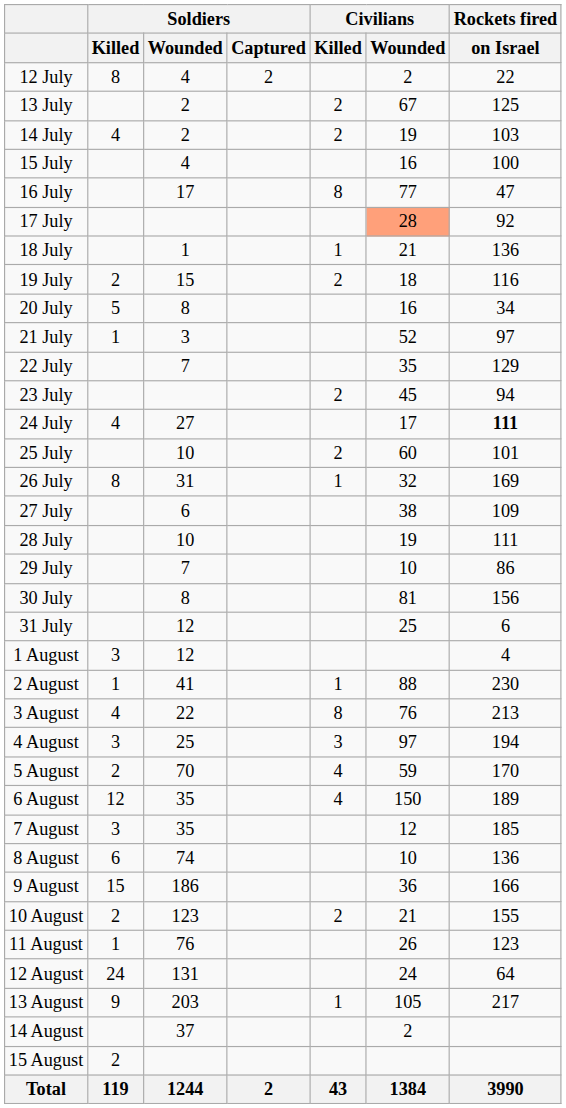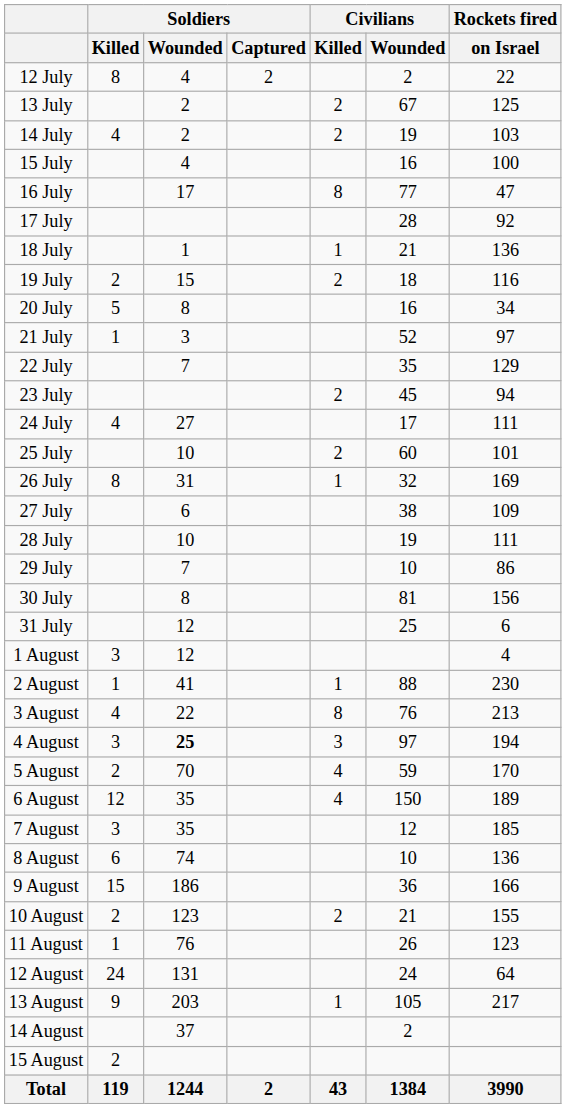 <table class="wikitable" style="text-align:center">
 <tr>
 <th></th>
 <th colspan="3">Soldiers</th>
 <th colspan="2">Civilians</th>
 <th colspan="2">Rockets fired</th>
 </tr>
 <tr>
 <th></th>
 <th>Killed</th>
 <th>Wounded</th>
 <th>Captured</th>
 <th>Killed</th>
 <th>Wounded</th>
 <th>on Israel</th>
 </tr>
 <tr>
 <td>12 July</td>
 <td>8</td>
 <td>4</td>
 <td>2</td>
 <td></td>
 <td>2</td>
 <td>22</td>
 </tr>
 <tr>
 <td>13 July</td>
 <td></td>
 <td>2</td>
 <td></td>
 <td>2</td>
 <td>67</td>
 <td>125</td>
 </tr>
 <tr>
 <td>14 July</td>
 <td>4</td>
 <td>2</td>
 <td></td>
 <td>2</td>
 <td>19</td>
 <td>103</td>
 </tr>
 <tr>
 <td>15 July</td>
 <td></td>
 <td>4</td>
 <td></td>
 <td></td>
 <td>16</td>
 <td>100</td>
 </tr>
 <tr>
 <td>16 July</td>
 <td></td>
 <td>17</td>
 <td></td>
 <td>8</td>
 <td>77</td>
 <td>47</td>
 </tr>
 <tr>
 <td>17 July</td>
 <td></td>
 <td></td>
 <td></td>
 <td></td>
-<td style="background: lightsalmon;">28</td>
+<td>28</td>
 <td>92</td>
 </tr>
 <tr>
 <td>18 July</td>
 <td></td>
 <td>1</td>
 <td></td>
 <td>1</td>
 <td>21</td>
 <td>136</td>
 </tr>
 <tr>
 <td>19 July</td>
 <td>2</td>
 <td>15</td>
 <td></td>
 <td>2</td>
 <td>18</td>
 <td>116</td>
 </tr>
 <tr>
 <td>20 July</td>
 <td>5</td>
 <td>8</td>
 <td></td>
 <td></td>
 <td>16</td>
 <td>34</td>
 </tr>
 <tr>
 <td>21 July</td>
 <td>1</td>
 <td>3</td>
 <td></td>
 <td></td>
 <td>52</td>
 <td>97</td>
 </tr>
 <tr>
 <td>22 July</td>
 <td></td>
 <td>7</td>
 <td></td>
 <td></td>
 <td>35</td>
 <td>129</td>
 </tr>
 <tr>
 <td>23 July</td>
 <td></td>
 <td></td>
 <td></td>
 <td>2</td>
 <td>45</td>
 <td>94</td>
 </tr>
 <tr>
 <td>24 July</td>
 <td>4</td>
 <td>27</td>
 <td></td>
 <td></td>
 <td>17</td>
-<td><strong>111</strong></td>
+<td>111</td>
 </tr>
 <tr>
 <td>25 July</td>
 <td></td>
 <td>10</td>
 <td></td>
 <td>2</td>
 <td>60</td>
 <td>101</td>
 </tr>
 <tr>
 <td>26 July</td>
 <td>8</td>
 <td>31</td>
 <td></td>
 <td>1</td>
 <td>32</td>
 <td>169</td>
 </tr>
 <tr>
 <td>27 July</td>
 <td></td>
 <td>6</td>
 <td></td>
 <td></td>
 <td>38</td>
 <td>109</td>
 </tr>
 <tr>
 <td>28 July</td>
 <td></td>
 <td>10</td>
 <td></td>
 <td></td>
 <td>19</td>
 <td>111</td>
 </tr>
 <tr>
 <td>29 July</td>
 <td></td>
 <td>7</td>
 <td></td>
 <td></td>
 <td>10</td>
 <td>86</td>
 </tr>
 <tr>
 <td>30 July</td>
 <td></td>
 <td>8</td>
 <td></td>
 <td></td>
 <td>81</td>
 <td>156</td>
 </tr>
 <tr>
 <td>31 July</td>
 <td></td>
 <td>12</td>
 <td></td>
 <td></td>
 <td>25</td>
 <td>6</td>
 </tr>
 <tr>
 <td>1 August</td>
 <td>3</td>
 <td>12</td>
 <td></td>
 <td></td>
 <td></td>
 <td>4</td>
 </tr>
 <tr>
 <td>2 August</td>
 <td>1</td>
 <td>41</td>
 <td></td>
 <td>1</td>
 <td>88</td>
 <td>230</td>
 </tr>
 <tr>
 <td>3 August</td>
 <td>4</td>
 <td>22</td>
 <td></td>
 <td>8</td>
 <td>76</td>
 <td>213</td>
 </tr>
 <tr>
 <td>4 August</td>
 <td>3</td>
-<td>25</td>
+<td><strong>25</strong></td>
 <td></td>
 <td>3</td>
 <td>97</td>
 <td>194</td>
 </tr>
 <tr>
 <td>5 August</td>
 <td>2</td>
 <td>70</td>
 <td></td>
 <td>4</td>
 <td>59</td>
 <td>170</td>
 </tr>
 <tr>
 <td>6 August</td>
 <td>12</td>
 <td>35</td>
 <td></td>
 <td>4</td>
 <td>150</td>
 <td>189</td>
 </tr>
 <tr>
 <td>7 August</td>
 <td>3</td>
 <td>35</td>
 <td></td>
 <td></td>
 <td>12</td>
 <td>185</td>
 </tr>
 <tr>
 <td>8 August</td>
 <td>6</td>
 <td>74</td>
 <td></td>
 <td></td>
 <td>10</td>
 <td>136</td>
 </tr>
 <tr>
 <td>9 August</td>
 <td>15</td>
 <td>186</td>
 <td></td>
 <td></td>
 <td>36</td>
 <td>166</td>
 </tr>
 <tr>
 <td>10 August</td>
 <td>2</td>
 <td>123</td>
 <td></td>
 <td>2</td>
 <td>21</td>
 <td>155</td>
 </tr>
 <tr>
 <td>11 August</td>
 <td>1</td>
 <td>76</td>
 <td></td>
 <td></td>
 <td>26</td>
 <td>123</td>
 </tr>
 <tr>
 <td>12 August</td>
 <td>24</td>
 <td>131</td>
 <td></td>
 <td></td>
 <td>24</td>
 <td>64</td>
 </tr>
 <tr>
 <td>13 August</td>
 <td>9</td>
 <td>203</td>
 <td></td>
 <td>1</td>
 <td>105</td>
 <td>217</td>
 </tr>
 <tr>
 <td>14 August</td>
 <td></td>
 <td>37</td>
 <td></td>
 <td></td>
 <td>2</td>
 <td></td>
 </tr>
 <tr>
 <td>15 August</td>
 <td>2</td>
 <td></td>
 <td></td>
 <td></td>
 <td></td>
 <td></td>
 </tr>
 <tr>
 <th>Total</th>
 <th>119</th>
 <th>1244</th>
 <th>2</th>
 <th>43</th>
 <th>1384</th>
 <th>3990</th>
 </tr>
 </table>
